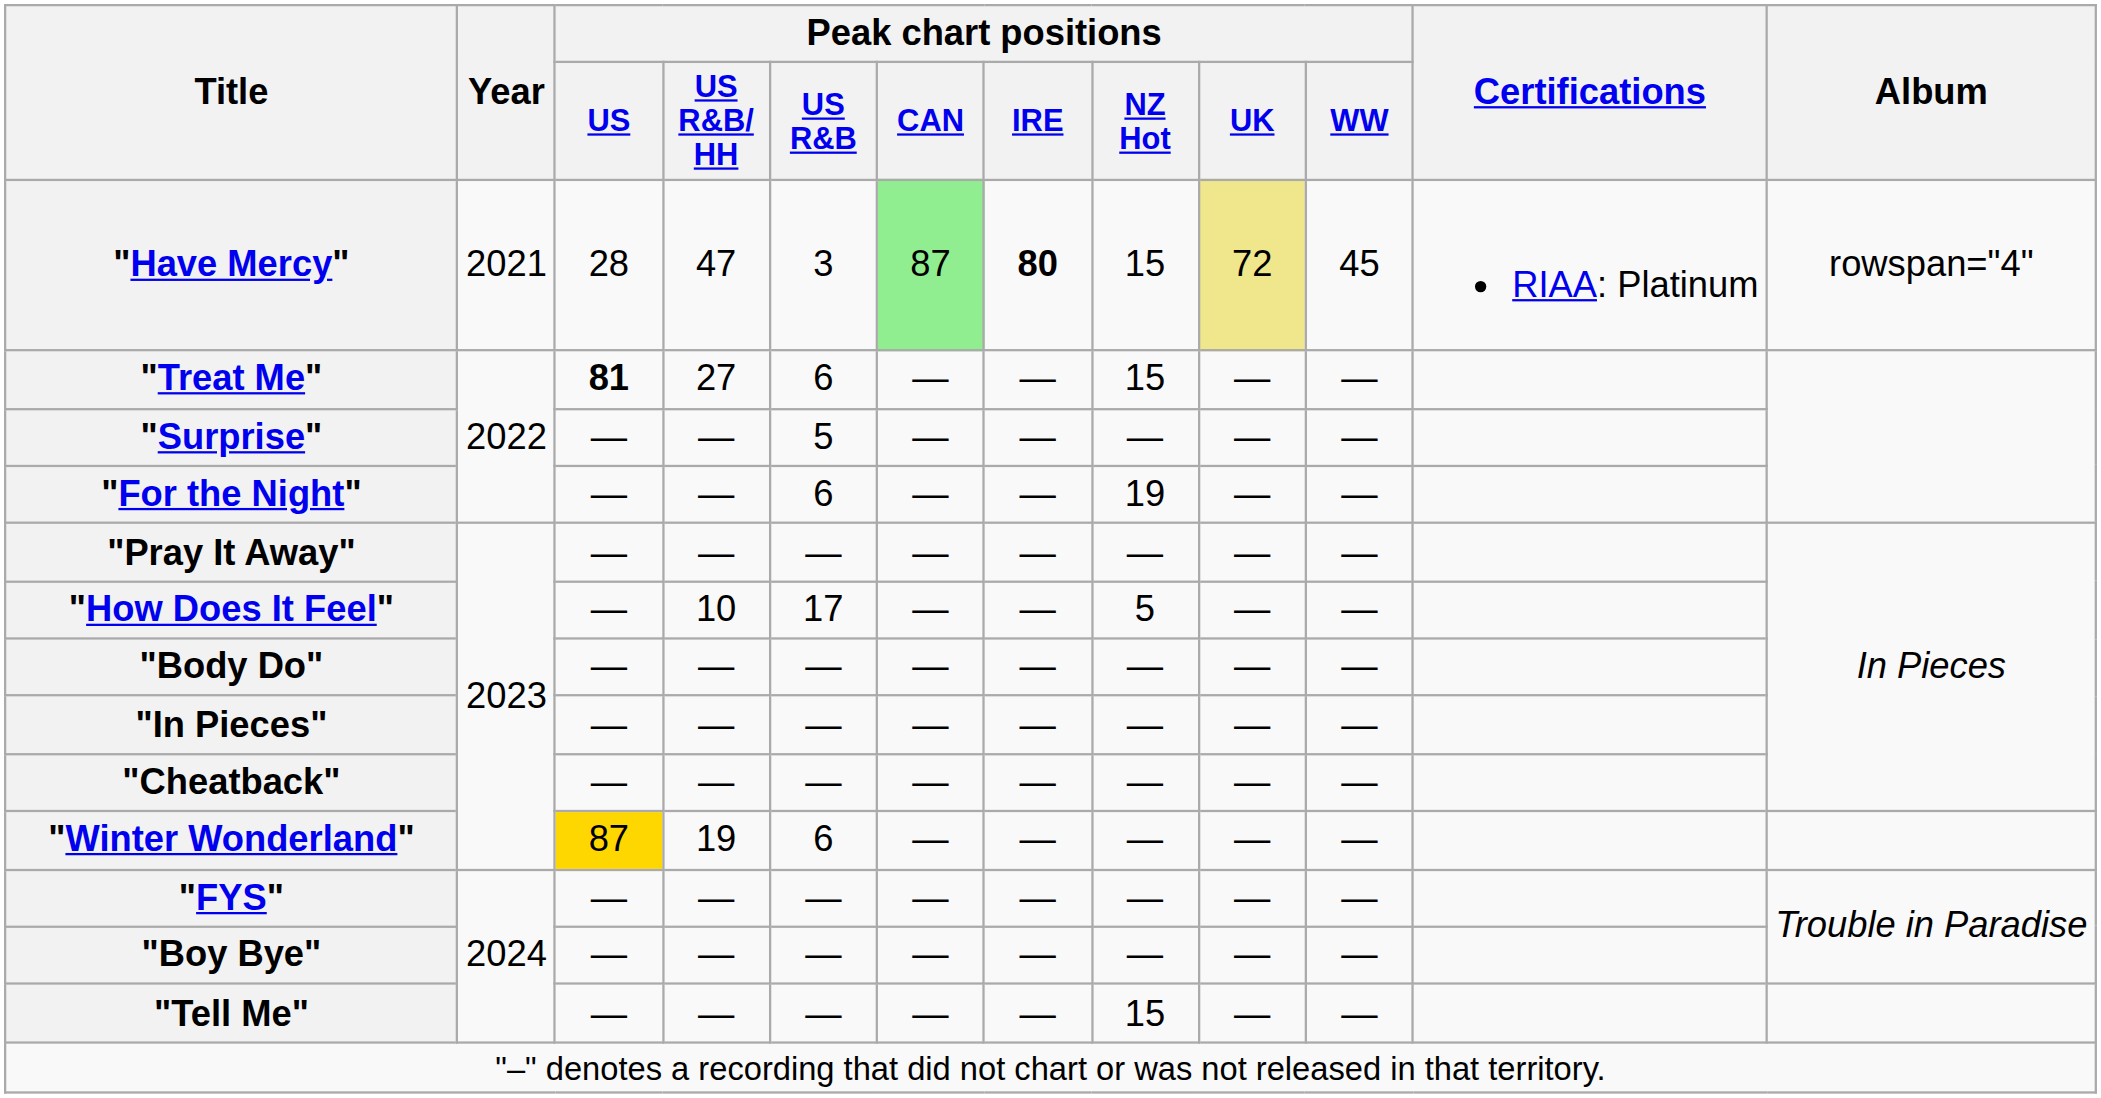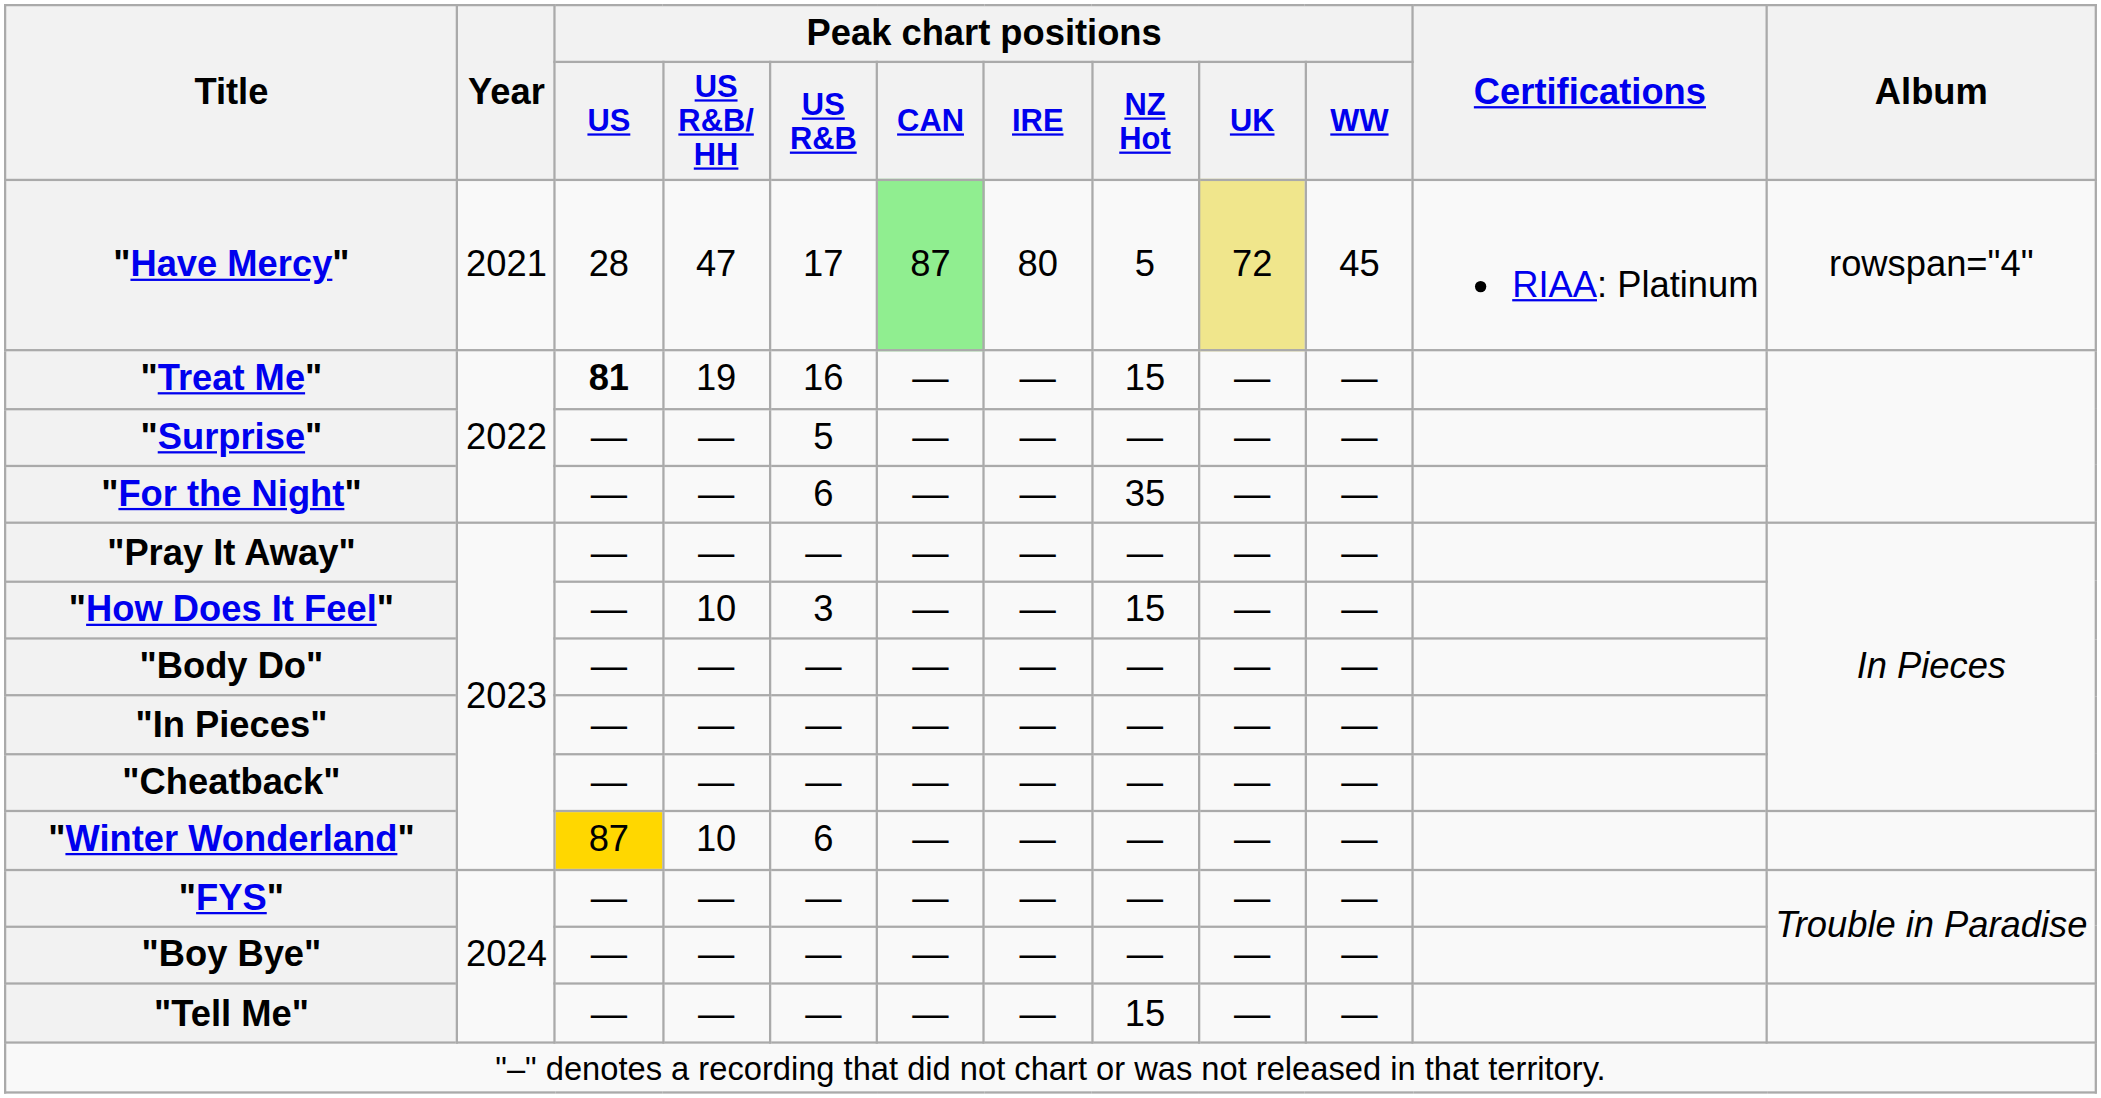 <table class="wikitable plainrowheaders" style="text-align:center;">
 <tr>
 <th scope="col" rowspan="2" style="width:12em;">Title</th>
 <th scope="col" rowspan="2" style="width:1em;">Year</th>
 <th scope="col" colspan="8">Peak chart positions</th>
 <th scope="col" rowspan="2"><a href='#'>Certifications</a></th>
 <th scope="col" rowspan="2">Album</th>
 </tr>
 <tr>
 <th scope="col" style="width:3em;font-size:85%;"><a href='#'>US</a><br></th>
 <th scope="col" style="width:3em;font-size:85%;"><a href='#'>US<br>R&B/<br>HH</a><br></th>
 <th scope="col" style="width:3em;font-size:85%;"><a href='#'>US<br>R&B</a><br></th>
 <th scope="col" style="width:3em;font-size:85%;"><a href='#'>CAN</a><br></th>
 <th scope="col" style="width:3em;font-size:85%;"><a href='#'>IRE</a><br></th>
 <th scope="col" style="width:3em;font-size:85%;"><a href='#'>NZ<br>Hot</a><br></th>
 <th scope="col" style="width:3em;font-size:85%;"><a href='#'>UK</a><br></th>
 <th scope="col" style="width:3em;font-size:85%;"><a href='#'>WW</a><br></th>
 </tr>
 <tr>
 <th scope="row">"<a href='#'>Have Mercy</a>"</th>
 <td>2021</td>
 <td>28</td>
 <td>47</td>
-<td>3</td>
+<td>17</td>
 <td style="background: lightgreen;">87</td>
-<td><strong>80</strong></td>
-<td>15</td>
+<td>80</td>
+<td>5</td>
 <td style="background: khaki;">72</td>
 <td>45</td>
 <td><br><ul><li><a href='#'>RIAA</a>: Platinum</li></ul></td>
 <td>rowspan="4" </td>
 </tr>
 <tr>
 <th scope="row">"<a href='#'>Treat Me</a>"</th>
 <td rowspan="3">2022</td>
 <td><strong>81</strong></td>
-<td>27</td>
-<td>6</td>
+<td>19</td>
+<td>16</td>
 <td>—</td>
 <td>—</td>
 <td>15</td>
 <td>—</td>
 <td>—</td>
 <td></td>
 </tr>
 <tr>
 <th scope="row">"<a href='#'>Surprise</a>"</th>
 <td>—</td>
 <td>—</td>
 <td>5</td>
 <td>—</td>
 <td>—</td>
 <td>—</td>
 <td>—</td>
 <td>—</td>
 <td></td>
 </tr>
 <tr>
 <th scope="row">"<a href='#'>For the Night</a>"<br></th>
 <td>—</td>
 <td>—</td>
 <td>6</td>
 <td>—</td>
 <td>—</td>
-<td>19</td>
+<td>35</td>
 <td>—</td>
 <td>—</td>
 <td></td>
 </tr>
 <tr>
 <th scope="row">"Pray It Away"</th>
 <td rowspan="6">2023</td>
 <td>—</td>
 <td>—</td>
 <td>—</td>
 <td>—</td>
 <td>—</td>
 <td>—</td>
 <td>—</td>
 <td>—</td>
 <td></td>
 <td rowspan="5"><em>In Pieces</em></td>
 </tr>
 <tr>
 <th scope="row">"<a href='#'>How Does It Feel</a>"<br></th>
 <td>—</td>
 <td>10</td>
-<td>17</td>
+<td>3</td>
 <td>—</td>
 <td>—</td>
-<td>5</td>
+<td>15</td>
 <td>—</td>
 <td>—</td>
 <td></td>
 </tr>
 <tr>
 <th scope="row">"Body Do"</th>
 <td>—</td>
 <td>—</td>
 <td>—</td>
 <td>—</td>
 <td>—</td>
 <td>—</td>
 <td>—</td>
 <td>—</td>
 <td></td>
 </tr>
 <tr>
 <th scope="row">"In Pieces"</th>
 <td>—</td>
 <td>—</td>
 <td>—</td>
 <td>—</td>
 <td>—</td>
 <td>—</td>
 <td>—</td>
 <td>—</td>
 <td></td>
 </tr>
 <tr>
 <th scope="row">"Cheatback"<br></th>
 <td>—</td>
 <td>—</td>
 <td>—</td>
 <td>—</td>
 <td>—</td>
 <td>—</td>
 <td>—</td>
 <td>—</td>
 <td></td>
 </tr>
 <tr>
 <th scope="row">"<a href='#'>Winter Wonderland</a>"</th>
 <td style="background: gold;">87</td>
-<td>19</td>
+<td>10</td>
 <td>6</td>
 <td>—</td>
 <td>—</td>
 <td>—</td>
 <td>—</td>
 <td>—</td>
 <td></td>
 <td></td>
 </tr>
 <tr>
 <th scope="row">"<a href='#'>FYS</a>"</th>
 <td rowspan="3">2024</td>
 <td>—</td>
 <td>—</td>
 <td>—</td>
 <td>—</td>
 <td>—</td>
 <td>—</td>
 <td>—</td>
 <td>—</td>
 <td></td>
 <td rowspan="2"><em>Trouble in Paradise</em></td>
 </tr>
 <tr>
 <th scope="row">"Boy Bye"</th>
 <td>—</td>
 <td>—</td>
 <td>—</td>
 <td>—</td>
 <td>—</td>
 <td>—</td>
 <td>—</td>
 <td>—</td>
 <td></td>
 </tr>
 <tr>
 <th scope="row">"Tell Me"<br></th>
 <td>—</td>
 <td>—</td>
 <td>—</td>
 <td>—</td>
 <td>—</td>
 <td>15</td>
 <td>—</td>
 <td>—</td>
 <td></td>
 <td></td>
 </tr>
 <tr>
 <td colspan="15" style="font-size:90%">"–" denotes a recording that did not chart or was not released in that territory.</td>
 </tr>
 </table>
